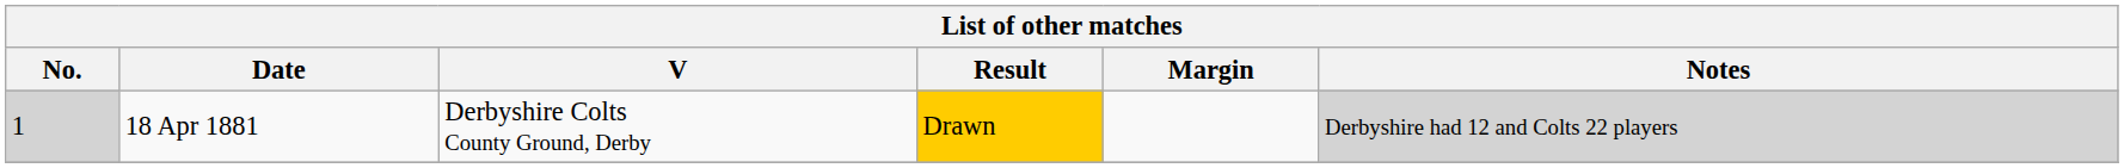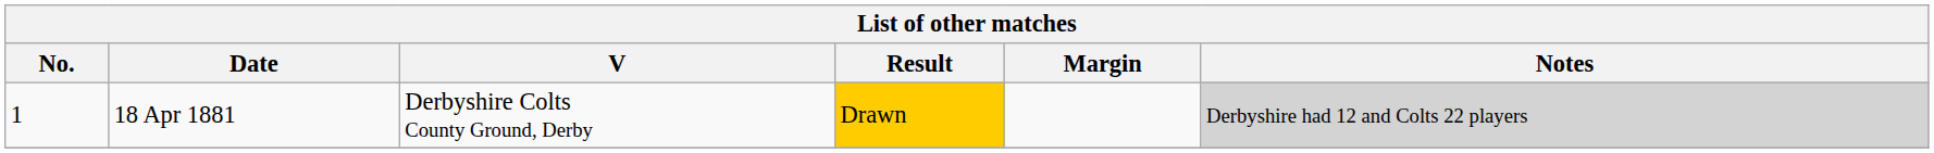 <table class="wikitable" width="100%">
 <tr>
 <th bgcolor="#efefef" colspan=6>List of other matches</th>
 </tr>
 <tr bgcolor="#efefef">
 <th>No.</th>
 <th>Date</th>
 <th>V</th>
 <th>Result</th>
 <th>Margin</th>
 <th>Notes</th>
 </tr>
 <tr>
-<td style="background: lightgrey;">1</td>
+<td>1</td>
 <td>18 Apr 1881</td>
 <td>Derbyshire Colts <br><small>  County Ground, Derby </small></td>
 <td bgcolor="#FFCC00">Drawn</td>
 <td></td>
 <td style="background: lightgrey;"><small> Derbyshire had 12 and Colts 22 players</small></td>
 </tr>
 <tr>
 </tr>
 </table>
